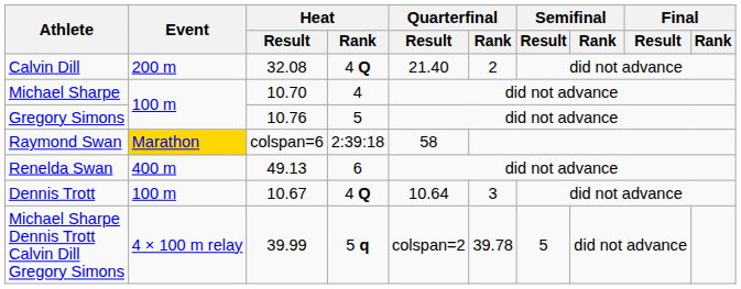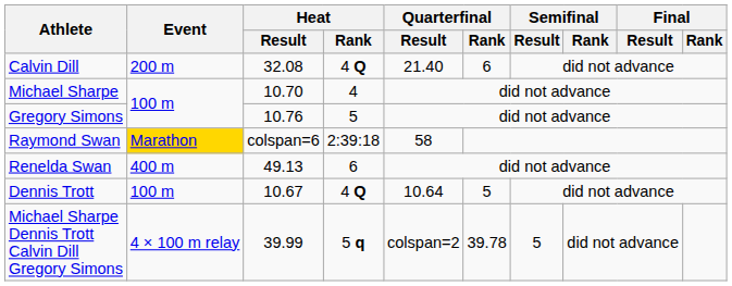 <table class="wikitable" style="font-size:90%">
 <tr>
 <th rowspan="2">Athlete</th>
 <th rowspan="2">Event</th>
 <th colspan="2">Heat</th>
 <th colspan="2">Quarterfinal</th>
 <th colspan="2">Semifinal</th>
 <th colspan="2">Final</th>
 </tr>
 <tr style="font-size:95%">
 <th>Result</th>
 <th>Rank</th>
 <th>Result</th>
 <th>Rank</th>
 <th>Result</th>
 <th>Rank</th>
 <th>Result</th>
 <th>Rank</th>
 </tr>
 <tr align=center>
 <td align=left><a href='#'>Calvin Dill</a></td>
 <td align=left><a href='#'>200 m</a></td>
 <td>32.08</td>
 <td>4 <strong>Q</strong></td>
 <td>21.40</td>
-<td>2</td>
+<td>6</td>
 <td colspan=4>did not advance</td>
 </tr>
 <tr align=center>
 <td align=left><a href='#'>Michael Sharpe</a></td>
 <td align=left rowspan=2><a href='#'>100 m</a></td>
 <td>10.70</td>
 <td>4</td>
 <td colspan=6>did not advance</td>
 </tr>
 <tr align=center>
 <td align=left><a href='#'>Gregory Simons</a></td>
 <td>10.76</td>
 <td>5</td>
 <td colspan=6>did not advance</td>
 </tr>
 <tr align=center>
 <td align=left><a href='#'>Raymond Swan</a></td>
 <td align=left style="background: gold;"><a href='#'>Marathon</a></td>
 <td>colspan=6 </td>
 <td>2:39:18</td>
 <td>58</td>
 </tr>
 <tr align=center>
 <td align=left><a href='#'>Renelda Swan</a></td>
 <td align=left><a href='#'>400 m</a></td>
 <td>49.13</td>
 <td>6</td>
 <td colspan=6>did not advance</td>
 </tr>
 <tr align=center>
 <td align=left><a href='#'>Dennis Trott</a></td>
 <td align=left><a href='#'>100 m</a></td>
 <td>10.67</td>
 <td>4 <strong>Q</strong></td>
 <td>10.64</td>
-<td>3</td>
+<td>5</td>
 <td colspan=6>did not advance</td>
 </tr>
 <tr align=center>
 <td align=left><a href='#'>Michael Sharpe</a><br><a href='#'>Dennis Trott</a><br><a href='#'>Calvin Dill</a><br><a href='#'>Gregory Simons</a></td>
 <td align=left><a href='#'>4 × 100 m relay</a></td>
 <td>39.99</td>
 <td>5 <strong>q</strong></td>
 <td>colspan=2 </td>
 <td>39.78</td>
 <td>5</td>
 <td colspan=2>did not advance</td>
 </tr>
 </table>
